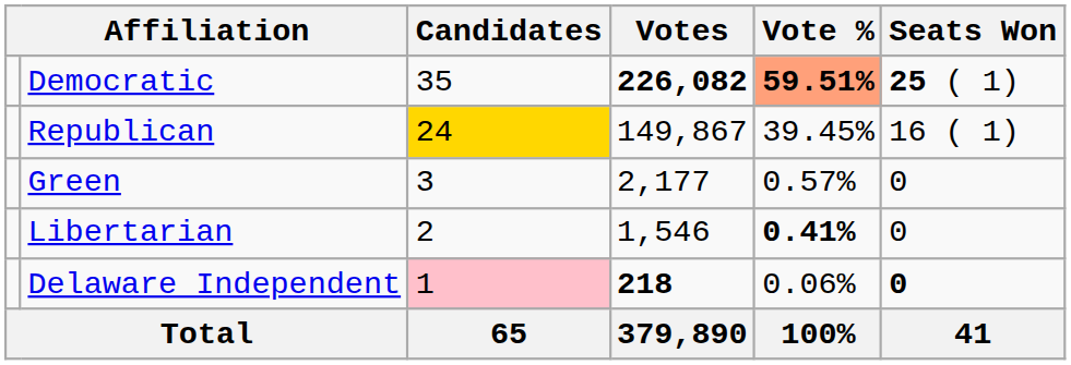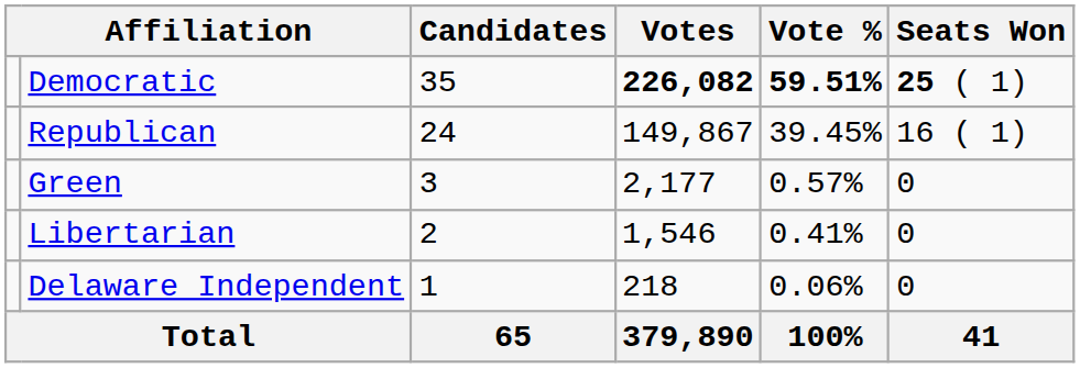 <table class="wikitable">
 <tr>
 <th colspan="2">Affiliation</th>
 <th>Candidates</th>
 <th>Votes</th>
 <th>Vote %</th>
 <th>Seats Won</th>
 </tr>
 <tr>
 <td style=background-color:></td>
 <td><a href='#'>Democratic</a></td>
 <td>35</td>
 <td><strong>226,082</strong></td>
-<td style="background: lightsalmon;"><strong>59.51%</strong></td>
+<td><strong>59.51%</strong></td>
 <td><strong>25</strong> ( 1)</td>
 </tr>
 <tr>
 <td style=background-color:></td>
 <td><a href='#'>Republican</a></td>
-<td style="background: gold;">24</td>
+<td>24</td>
 <td>149,867</td>
 <td>39.45%</td>
 <td>16 ( 1)</td>
 </tr>
 <tr>
 <td style=background-color:></td>
 <td><a href='#'>Green</a></td>
 <td>3</td>
 <td>2,177</td>
 <td>0.57%</td>
 <td>0</td>
 </tr>
 <tr>
 <td style=background-color:></td>
 <td><a href='#'>Libertarian</a></td>
 <td>2</td>
 <td>1,546</td>
-<td><strong>0.41%</strong></td>
+<td>0.41%</td>
 <td>0</td>
 </tr>
 <tr>
 <td style=background-color:></td>
 <td><a href='#'>Delaware Independent</a></td>
-<td style="background: pink;">1</td>
-<td><strong>218</strong></td>
+<td>1</td>
+<td>218</td>
 <td>0.06%</td>
-<td><strong>0</strong></td>
+<td>0</td>
 </tr>
 <tr>
 <th colspan="2">Total</th>
 <th>65</th>
 <th>379,890</th>
 <th>100%</th>
 <th>41</th>
 </tr>
 </table>
